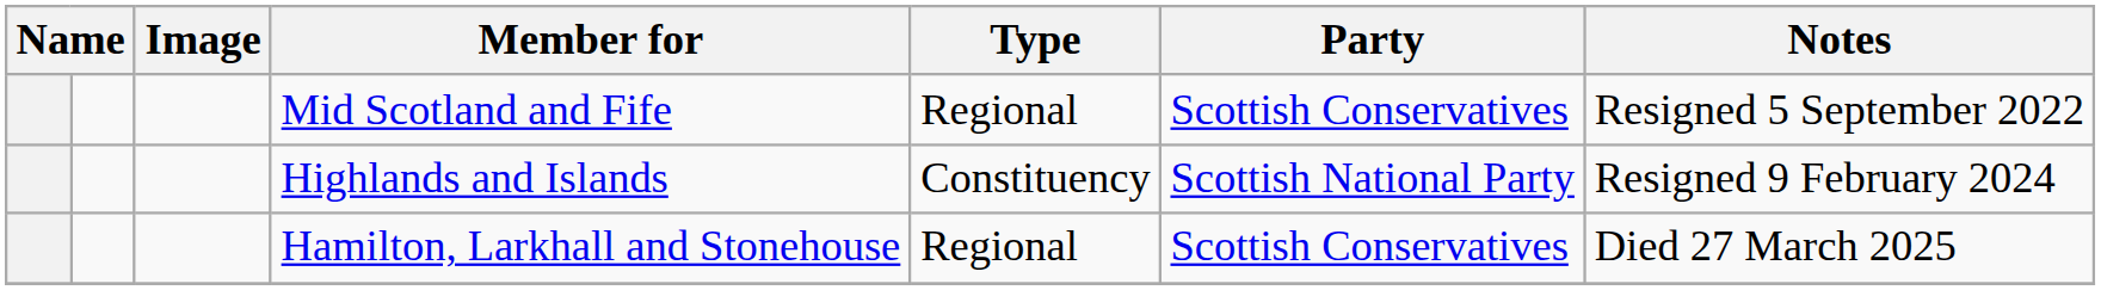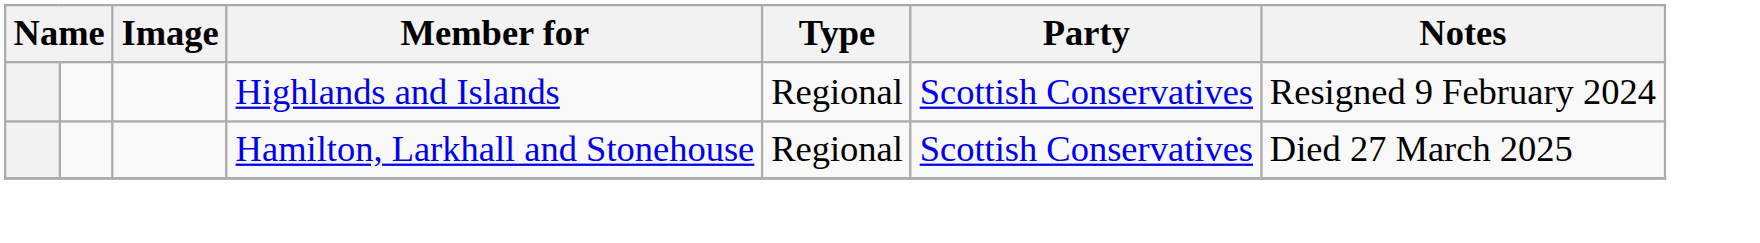 <table class="sortable wikitable">
 <tr valign=bottom>
 <th colspan="2">Name</th>
 <th>Image</th>
 <th>Member for</th>
 <th>Type</th>
 <th>Party</th>
 <th>Notes</th>
 </tr>
 <tr>
 <th style="background-color:  "></th>
 <td></td>
 <td></td>
-<td><a href='#'>Mid Scotland and Fife</a></td>
+<td><a href='#'>Highlands and Islands</a></td>
 <td>Regional</td>
 <td><a href='#'>Scottish Conservatives</a></td>
-<td>Resigned 5 September 2022</td>
-</tr>
-<tr>
-<th style="background-color:  "></th>
-<td></td>
-<td></td>
-<td><a href='#'>Highlands and Islands</a></td>
-<td>Constituency</td>
-<td><a href='#'>Scottish National Party</a></td>
 <td>Resigned 9 February 2024</td>
 </tr>
 <tr>
 <th style="background-color:  "></th>
 <td></td>
 <td></td>
 <td><a href='#'>Hamilton, Larkhall and Stonehouse</a></td>
 <td>Regional</td>
 <td><a href='#'>Scottish Conservatives</a></td>
 <td>Died 27 March 2025</td>
 </tr>
 <tr>
 </tr>
 </table>
